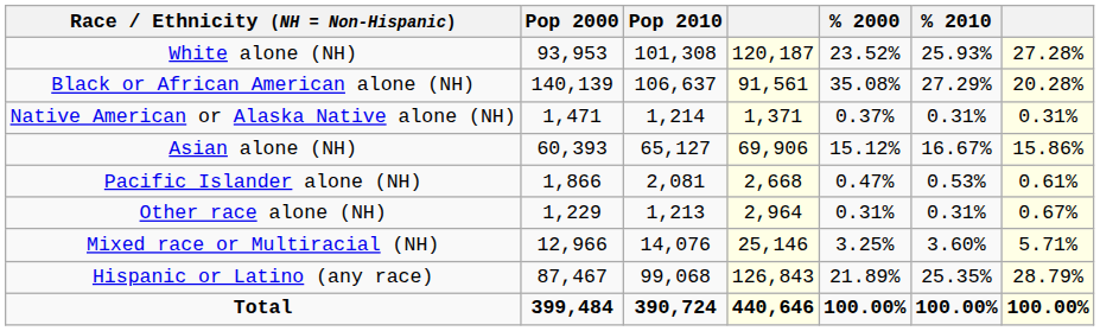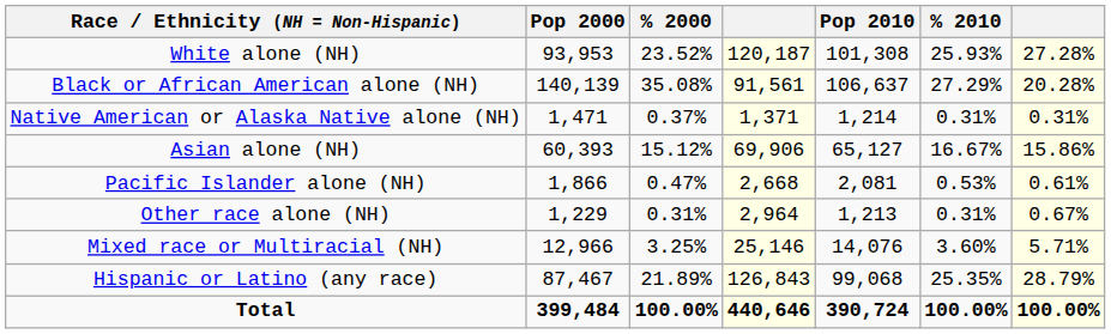 <table class="wikitable" style="text-align:center;">
 <tr>
 <th>Race / Ethnicity <small>(<em>NH = Non-Hispanic</em>)</small></th>
 <th>Pop 2000</th>
+<th>% 2000</th>
+<th></th>
 <th>Pop 2010</th>
-<th></th>
-<th>% 2000</th>
 <th>% 2010</th>
 <th></th>
 </tr>
 <tr>
 <td><a href='#'>White</a> alone (NH)</td>
 <td>93,953</td>
+<td>23.52%</td>
+<td style='background: #ffffe6;'>120,187</td>
 <td>101,308</td>
-<td style='background: #ffffe6;'>120,187</td>
-<td>23.52%</td>
 <td>25.93%</td>
 <td style='background: #ffffe6;'>27.28%</td>
 </tr>
 <tr>
 <td><a href='#'>Black or African American</a> alone (NH)</td>
 <td>140,139</td>
+<td>35.08%</td>
+<td style='background: #ffffe6;'>91,561</td>
 <td>106,637</td>
-<td style='background: #ffffe6;'>91,561</td>
-<td>35.08%</td>
 <td>27.29%</td>
 <td style='background: #ffffe6;'>20.28%</td>
 </tr>
 <tr>
 <td><a href='#'>Native American</a> or <a href='#'>Alaska Native</a> alone (NH)</td>
 <td>1,471</td>
+<td>0.37%</td>
+<td style='background: #ffffe6;'>1,371</td>
 <td>1,214</td>
-<td style='background: #ffffe6;'>1,371</td>
-<td>0.37%</td>
 <td>0.31%</td>
 <td style='background: #ffffe6;'>0.31%</td>
 </tr>
 <tr>
 <td><a href='#'>Asian</a> alone (NH)</td>
 <td>60,393</td>
+<td>15.12%</td>
+<td style='background: #ffffe6;'>69,906</td>
 <td>65,127</td>
-<td style='background: #ffffe6;'>69,906</td>
-<td>15.12%</td>
 <td>16.67%</td>
 <td style='background: #ffffe6;'>15.86%</td>
 </tr>
 <tr>
 <td><a href='#'>Pacific Islander</a> alone (NH)</td>
 <td>1,866</td>
+<td>0.47%</td>
+<td style='background: #ffffe6;'>2,668</td>
 <td>2,081</td>
-<td style='background: #ffffe6;'>2,668</td>
-<td>0.47%</td>
 <td>0.53%</td>
 <td style='background: #ffffe6;'>0.61%</td>
 </tr>
 <tr>
 <td><a href='#'>Other race</a> alone (NH)</td>
 <td>1,229</td>
+<td>0.31%</td>
+<td style='background: #ffffe6;'>2,964</td>
 <td>1,213</td>
-<td style='background: #ffffe6;'>2,964</td>
-<td>0.31%</td>
 <td>0.31%</td>
 <td style='background: #ffffe6;'>0.67%</td>
 </tr>
 <tr>
 <td><a href='#'>Mixed race or Multiracial</a> (NH)</td>
 <td>12,966</td>
+<td>3.25%</td>
+<td style='background: #ffffe6;'>25,146</td>
 <td>14,076</td>
-<td style='background: #ffffe6;'>25,146</td>
-<td>3.25%</td>
 <td>3.60%</td>
 <td style='background: #ffffe6;'>5.71%</td>
 </tr>
 <tr>
 <td><a href='#'>Hispanic or Latino</a> (any race)</td>
 <td>87,467</td>
+<td>21.89%</td>
+<td style='background: #ffffe6;'>126,843</td>
 <td>99,068</td>
-<td style='background: #ffffe6;'>126,843</td>
-<td>21.89%</td>
 <td>25.35%</td>
 <td style='background: #ffffe6;'>28.79%</td>
 </tr>
 <tr>
 <td><strong>Total</strong></td>
 <td><strong>399,484</strong></td>
+<td><strong>100.00%</strong></td>
+<td style='background: #ffffe6;'><strong>440,646</strong></td>
 <td><strong>390,724</strong></td>
-<td style='background: #ffffe6;'><strong>440,646</strong></td>
-<td><strong>100.00%</strong></td>
 <td><strong>100.00%</strong></td>
 <td style='background: #ffffe6;'><strong>100.00%</strong></td>
 </tr>
 </table>
